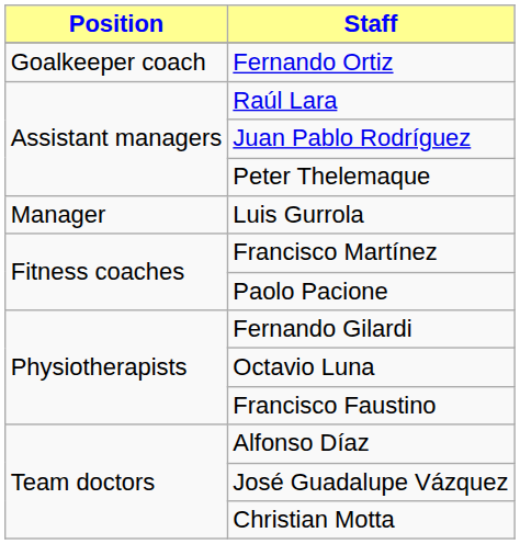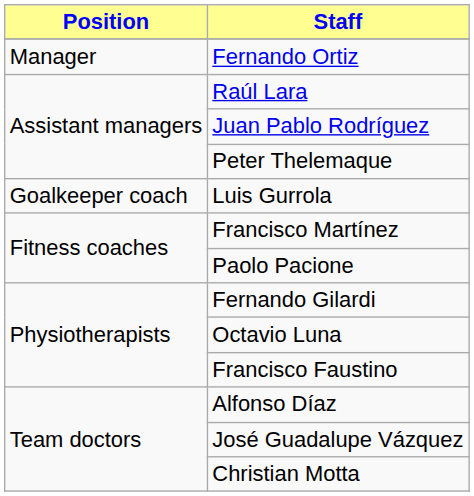 <table class="wikitable">
 <tr>
 <th style=background-color:#FFFF91;color:Blue>Position</th>
 <th style=background-color:#FFFF91;color:Blue>Staff</th>
 </tr>
 <tr>
 </tr>
 <tr>
-<td>Goalkeeper coach</td>
+<td>Manager</td>
 <td> <a href='#'>Fernando Ortiz</a></td>
 </tr>
 <tr>
 <td rowspan="3">Assistant managers</td>
 <td> <a href='#'>Raúl Lara</a></td>
 </tr>
 <tr>
 <td> <a href='#'>Juan Pablo Rodríguez</a></td>
 </tr>
 <tr>
 <td> Peter Thelemaque</td>
 </tr>
 <tr>
-<td>Manager</td>
+<td>Goalkeeper coach</td>
 <td> Luis Gurrola</td>
 </tr>
 <tr>
 <td rowspan="2">Fitness coaches</td>
 <td> Francisco Martínez</td>
 </tr>
 <tr>
 <td> Paolo Pacione</td>
 </tr>
 <tr>
 <td rowspan="3">Physiotherapists</td>
 <td> Fernando Gilardi</td>
 </tr>
 <tr>
 <td> Octavio Luna</td>
 </tr>
 <tr>
 <td> Francisco Faustino</td>
 </tr>
 <tr>
 <td rowspan="3 ">Team doctors</td>
 <td> Alfonso Díaz</td>
 </tr>
 <tr>
 <td> José Guadalupe Vázquez</td>
 </tr>
 <tr>
 <td> Christian Motta</td>
 </tr>
 </table>
